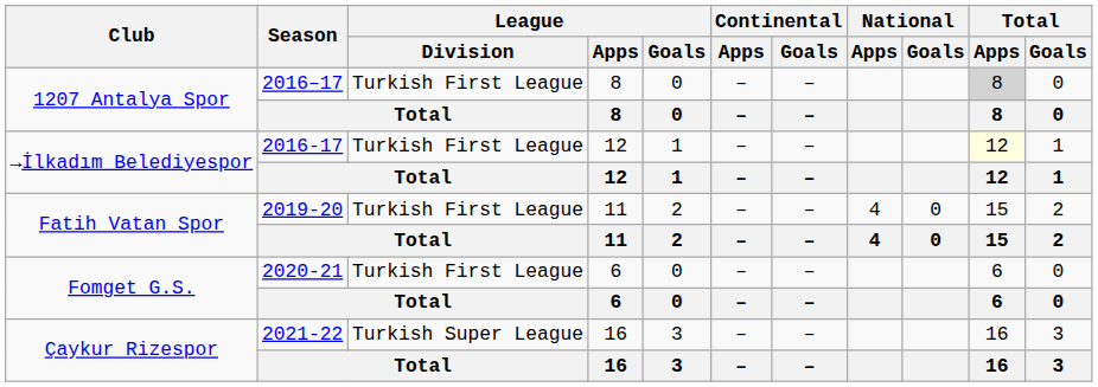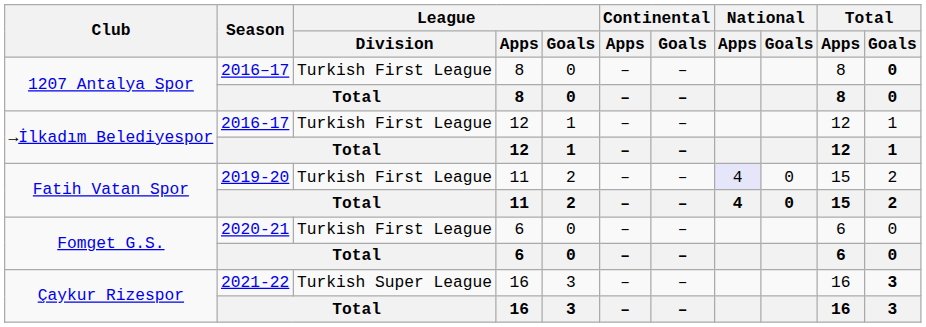 <table class="wikitable" style="text-align:center;">
 <tr>
 <th rowspan="2">Club</th>
 <th rowspan="2">Season</th>
 <th colspan="3">League</th>
 <th colspan="2">Continental</th>
 <th colspan="2">National</th>
 <th colspan="2">Total</th>
 </tr>
 <tr>
 <th>Division</th>
 <th>Apps</th>
 <th>Goals</th>
 <th>Apps</th>
 <th>Goals</th>
 <th>Apps</th>
 <th>Goals</th>
 <th>Apps</th>
 <th>Goals</th>
 </tr>
 <tr>
 <td rowspan="2"><a href='#'>1207 Antalya Spor</a></td>
 <td><a href='#'>2016–17</a></td>
 <td>Turkish First League</td>
 <td>8</td>
 <td>0</td>
 <td>–</td>
 <td>–</td>
 <td></td>
 <td></td>
-<td style="background: lightgrey;">8</td>
-<td>0</td>
+<td>8</td>
+<td><strong>0</strong></td>
 </tr>
 <tr>
 <th colspan="2">Total</th>
 <th>8</th>
 <th>0</th>
 <th>–</th>
 <th>–</th>
 <th></th>
 <th></th>
 <th>8</th>
 <th>0</th>
 </tr>
 <tr>
 <td rowspan="2">→<a href='#'>İlkadım Belediyespor</a></td>
 <td><a href='#'>2016-17</a></td>
 <td>Turkish First League</td>
 <td>12</td>
 <td>1</td>
 <td>–</td>
 <td>–</td>
 <td></td>
 <td></td>
-<td style="background: lightyellow;">12</td>
+<td>12</td>
 <td>1</td>
 </tr>
 <tr>
 <th colspan="2">Total</th>
 <th>12</th>
 <th>1</th>
 <th>–</th>
 <th>–</th>
 <th></th>
 <th></th>
 <th>12</th>
 <th>1</th>
 </tr>
 <tr>
 <td rowspan="2"><a href='#'>Fatih Vatan Spor</a></td>
 <td><a href='#'>2019-20</a></td>
 <td>Turkish First League</td>
 <td>11</td>
 <td>2</td>
 <td>–</td>
 <td>–</td>
-<td>4</td>
+<td style="background: lavender;">4</td>
 <td>0</td>
 <td>15</td>
 <td>2</td>
 </tr>
 <tr>
 <th colspan="2">Total</th>
 <th>11</th>
 <th>2</th>
 <th>–</th>
 <th>–</th>
 <th>4</th>
 <th>0</th>
 <th>15</th>
 <th>2</th>
 </tr>
 <tr>
 <td rowspan="2"><a href='#'>Fomget G.S.</a></td>
 <td><a href='#'>2020-21</a></td>
 <td>Turkish First League</td>
 <td>6</td>
 <td>0</td>
 <td>–</td>
 <td>–</td>
 <td></td>
 <td></td>
 <td>6</td>
 <td>0</td>
 </tr>
 <tr>
 <th colspan="2">Total</th>
 <th>6</th>
 <th>0</th>
 <th>–</th>
 <th>–</th>
 <th></th>
 <th></th>
 <th>6</th>
 <th>0</th>
 </tr>
 <tr>
 <td rowspan="2"><a href='#'>Çaykur Rizespor</a></td>
 <td><a href='#'>2021-22</a></td>
 <td>Turkish Super League</td>
 <td>16</td>
 <td>3</td>
 <td>–</td>
 <td>–</td>
 <td></td>
 <td></td>
 <td>16</td>
-<td>3</td>
+<td><strong>3</strong></td>
 </tr>
 <tr>
 <th colspan="2">Total</th>
 <th>16</th>
 <th>3</th>
 <th>–</th>
 <th>–</th>
 <th></th>
 <th></th>
 <th>16</th>
 <th>3</th>
 </tr>
 </table>
